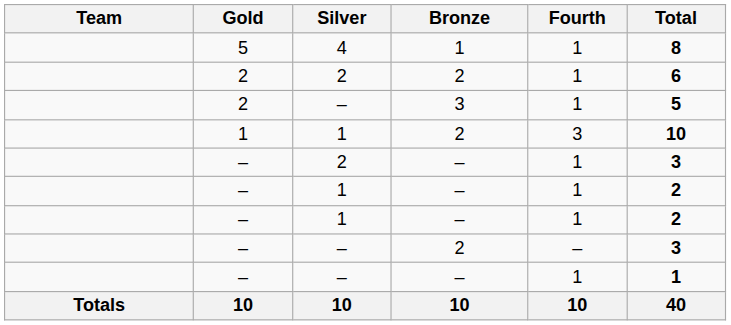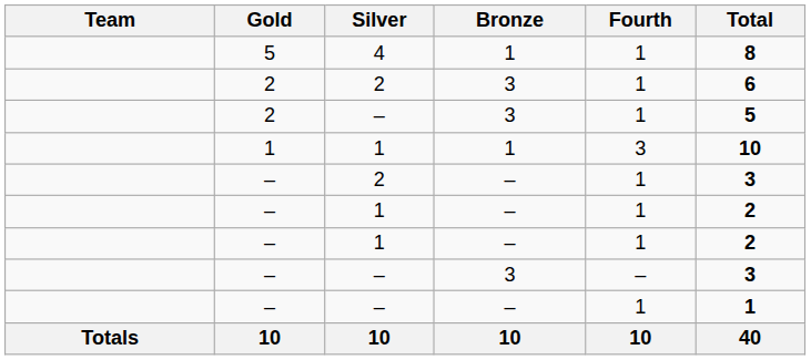 <table class="wikitable sortable" style="text-align:center;">
 <tr>
 <th style="width:10em;">Team</th>
 <th style="width:5em;"> Gold</th>
 <th style="width:5em;"> Silver</th>
 <th style="width:7.5em; padding:0;"> Bronze</th>
 <th style="width:5em;">Fourth</th>
 <th style="width:5em;">Total </th>
 </tr>
 <tr>
 <td align=left></td>
 <td>5</td>
 <td>4</td>
 <td>1</td>
 <td>1</td>
 <td><strong>8</strong></td>
 </tr>
 <tr>
 <td align=left></td>
 <td>2</td>
 <td>2</td>
-<td>2</td>
+<td>3</td>
 <td>1</td>
 <td><strong>6</strong></td>
 </tr>
 <tr>
 <td align=left></td>
 <td>2</td>
 <td>–</td>
 <td>3</td>
 <td>1</td>
 <td><strong>5</strong></td>
 </tr>
 <tr>
 <td align=left></td>
 <td>1</td>
 <td>1</td>
-<td>2</td>
+<td>1</td>
 <td>3</td>
 <td><strong>10</strong></td>
 </tr>
 <tr>
 <td align=left></td>
 <td>–</td>
 <td>2</td>
 <td>–</td>
 <td>1</td>
 <td><strong>3</strong></td>
 </tr>
 <tr>
 <td align=left></td>
 <td>–</td>
 <td>1</td>
 <td>–</td>
 <td>1</td>
 <td><strong>2</strong></td>
 </tr>
 <tr>
 <td align=left></td>
 <td>–</td>
 <td>1</td>
 <td>–</td>
 <td>1</td>
 <td><strong>2</strong></td>
 </tr>
 <tr>
 <td align=left></td>
 <td>–</td>
 <td>–</td>
-<td>2</td>
+<td>3</td>
 <td>–</td>
 <td><strong>3</strong></td>
 </tr>
 <tr>
 <td align=left></td>
 <td>–</td>
 <td>–</td>
 <td>–</td>
 <td>1</td>
 <td><strong>1</strong></td>
 </tr>
 <tr>
 <th>Totals</th>
 <th>10</th>
 <th>10</th>
 <th>10</th>
 <th>10</th>
 <th>40</th>
 </tr>
 </table>
